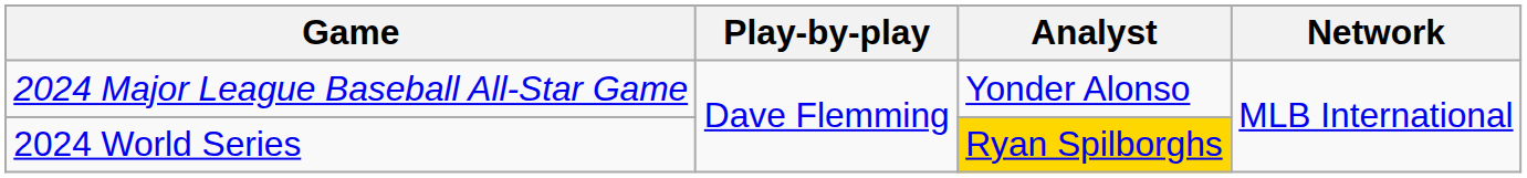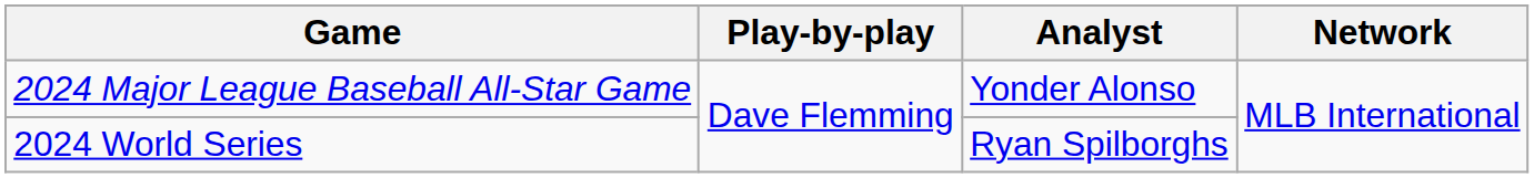 <table class="wikitable">
 <tr>
 <th>Game</th>
 <th>Play-by-play</th>
 <th>Analyst</th>
 <th>Network</th>
 </tr>
 <tr>
 <td><em><a href='#'>2024 Major League Baseball All-Star Game</a></em></td>
 <td rowspan=2><a href='#'>Dave Flemming</a></td>
 <td><a href='#'>Yonder Alonso</a></td>
 <td rowspan=2><a href='#'>MLB International</a></td>
 </tr>
 <tr>
 <td><a href='#'>2024 World Series</a></td>
-<td style="background: gold;"><a href='#'>Ryan Spilborghs</a></td>
+<td><a href='#'>Ryan Spilborghs</a></td>
 </tr>
 </table>
